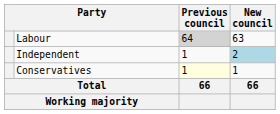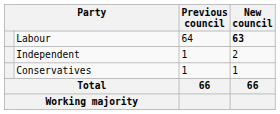 <table class="wikitable">
 <tr>
 <th valign=top colspan="2" style="width: 230px">Party</th>
 <th valign=top style="width: 30px">Previous council</th>
 <th valign=top style="width: 30px">New council</th>
 </tr>
 <tr>
 <th style="background-color: "></th>
 <td>Labour</td>
-<td style="background: lightgrey;">64</td>
-<td>63</td>
+<td>64</td>
+<td><strong>63</strong></td>
 </tr>
 <tr>
 <th style="background-color: "></th>
 <td>Independent</td>
 <td>1</td>
-<td style="background: lightblue;">2</td>
+<td>2</td>
 </tr>
 <tr>
 <th style="background-color: "></th>
 <td>Conservatives</td>
-<td style="background: lightyellow;">1</td>
+<td>1</td>
 <td>1</td>
 </tr>
 <tr>
 <th colspan=2>Total</th>
 <th style="text-align: center">66</th>
 <th colspan=3>66</th>
 </tr>
 <tr>
 <th colspan=2>Working majority</th>
 <th></th>
 <th></th>
 </tr>
 </table>
